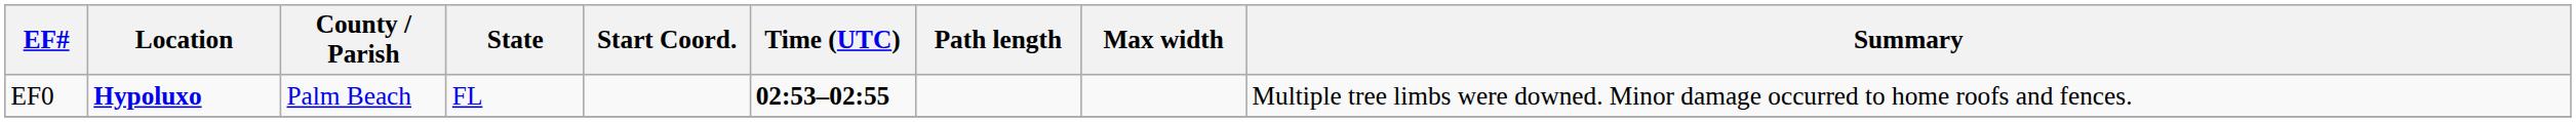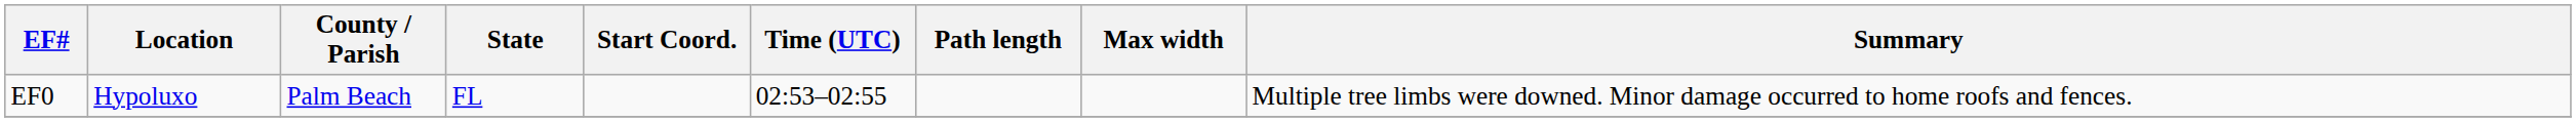 <table class="wikitable sortable" style="width:100%;">
 <tr>
 <th scope="col"  style="width:3%; text-align:center;"><a href='#'>EF#</a></th>
 <th scope="col"  style="width:7%; text-align:center;" class="unsortable">Location</th>
 <th scope="col"  style="width:6%; text-align:center;" class="unsortable">County / Parish</th>
 <th scope="col"  style="width:5%; text-align:center;">State</th>
 <th scope="col"  style="width:6%; text-align:center;">Start Coord.</th>
 <th scope="col"  style="width:6%; text-align:center;">Time (<a href='#'>UTC</a>)</th>
 <th scope="col"  style="width:6%; text-align:center;">Path length</th>
 <th scope="col"  style="width:6%; text-align:center;">Max width</th>
 <th scope="col" class="unsortable" style="width:48%; text-align:center;">Summary</th>
 </tr>
 <tr>
 <td>EF0</td>
-<td><strong><a href='#'>Hypoluxo</a></strong></td>
+<td><a href='#'>Hypoluxo</a></td>
 <td><a href='#'>Palm Beach</a></td>
 <td><a href='#'>FL</a></td>
 <td></td>
-<td><strong>02:53–02:55</strong></td>
+<td>02:53–02:55</td>
 <td></td>
 <td></td>
 <td>Multiple tree limbs were downed. Minor damage occurred to home roofs and fences.</td>
 </tr>
 <tr>
 </tr>
 </table>
